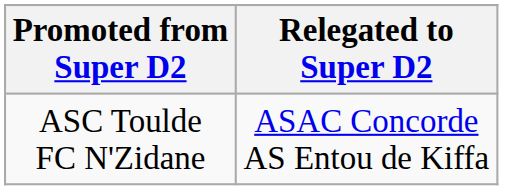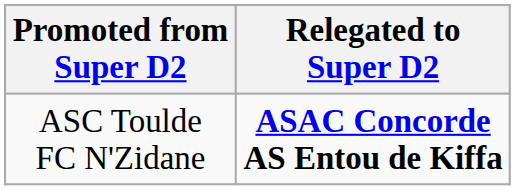 <table class="wikitable">
 <tr>
 <th>Promoted from<br><a href='#'>Super D2</a></th>
 <th>Relegated to<br><a href='#'>Super D2</a></th>
 </tr>
 <tr>
 <td align=center>ASC Toulde<br>FC N'Zidane</td>
-<td align=center><a href='#'>ASAC Concorde</a><br>AS Entou de Kiffa</td>
+<td align=center><strong><a href='#'>ASAC Concorde</a><br>AS Entou de Kiffa</strong></td>
 </tr>
 </table>
